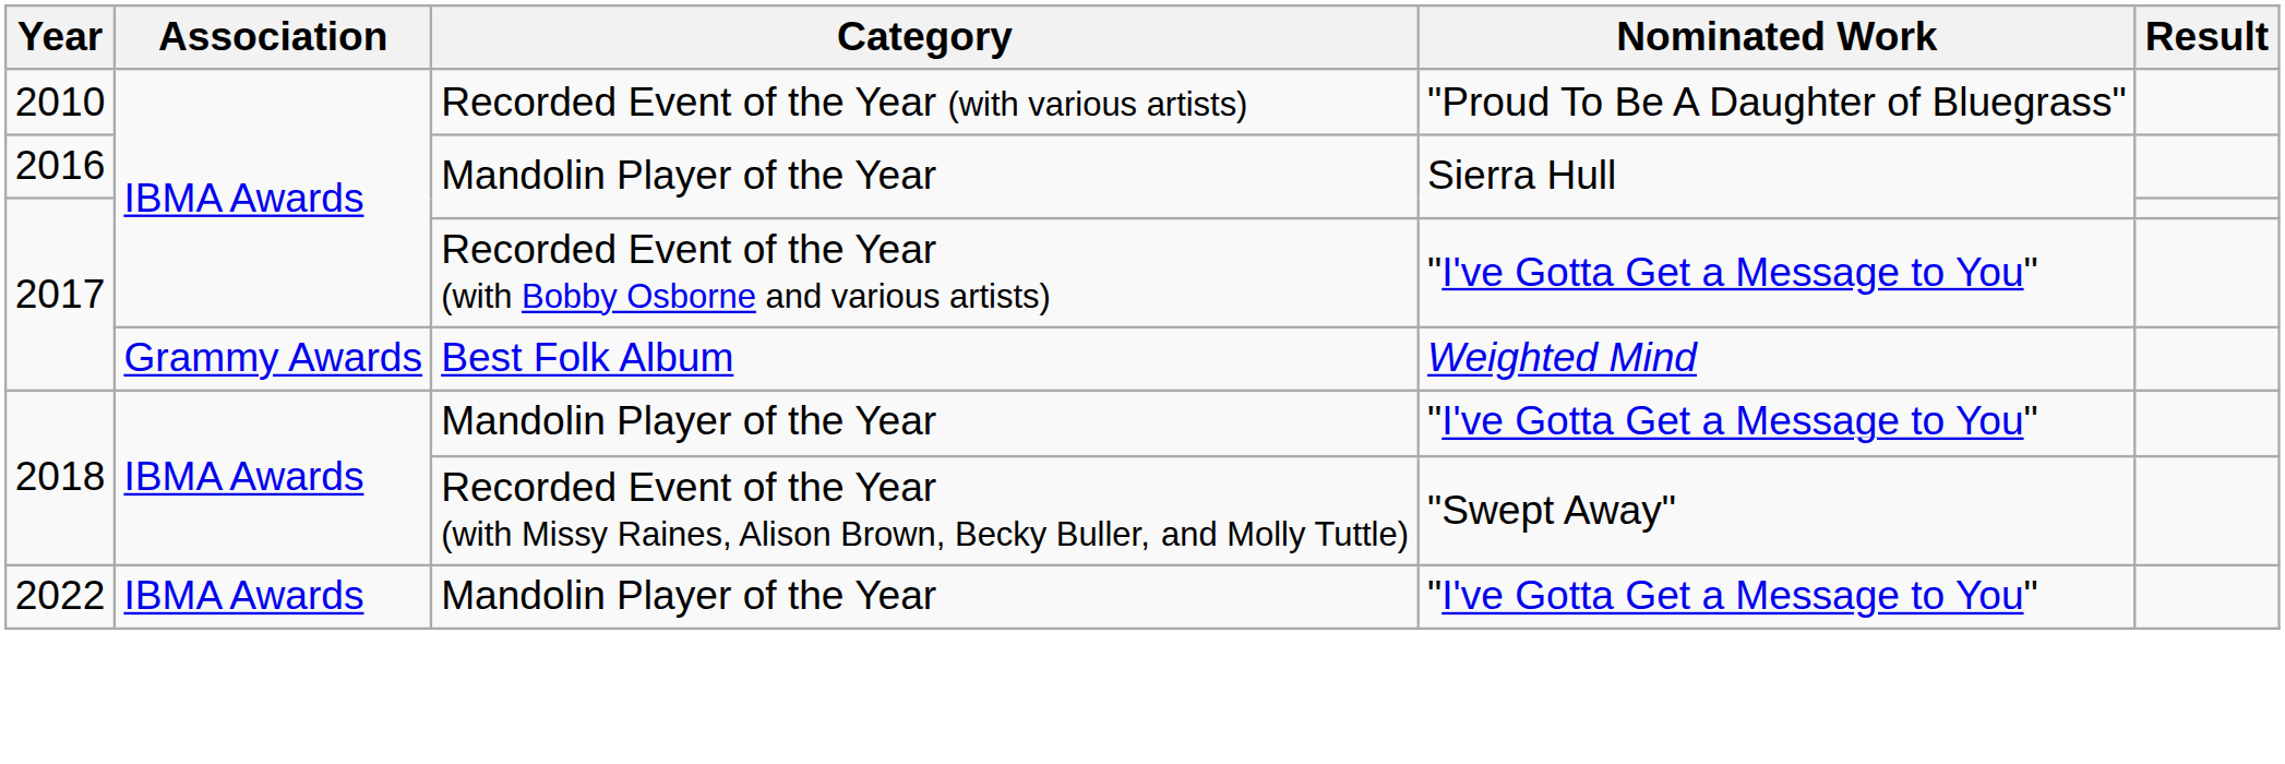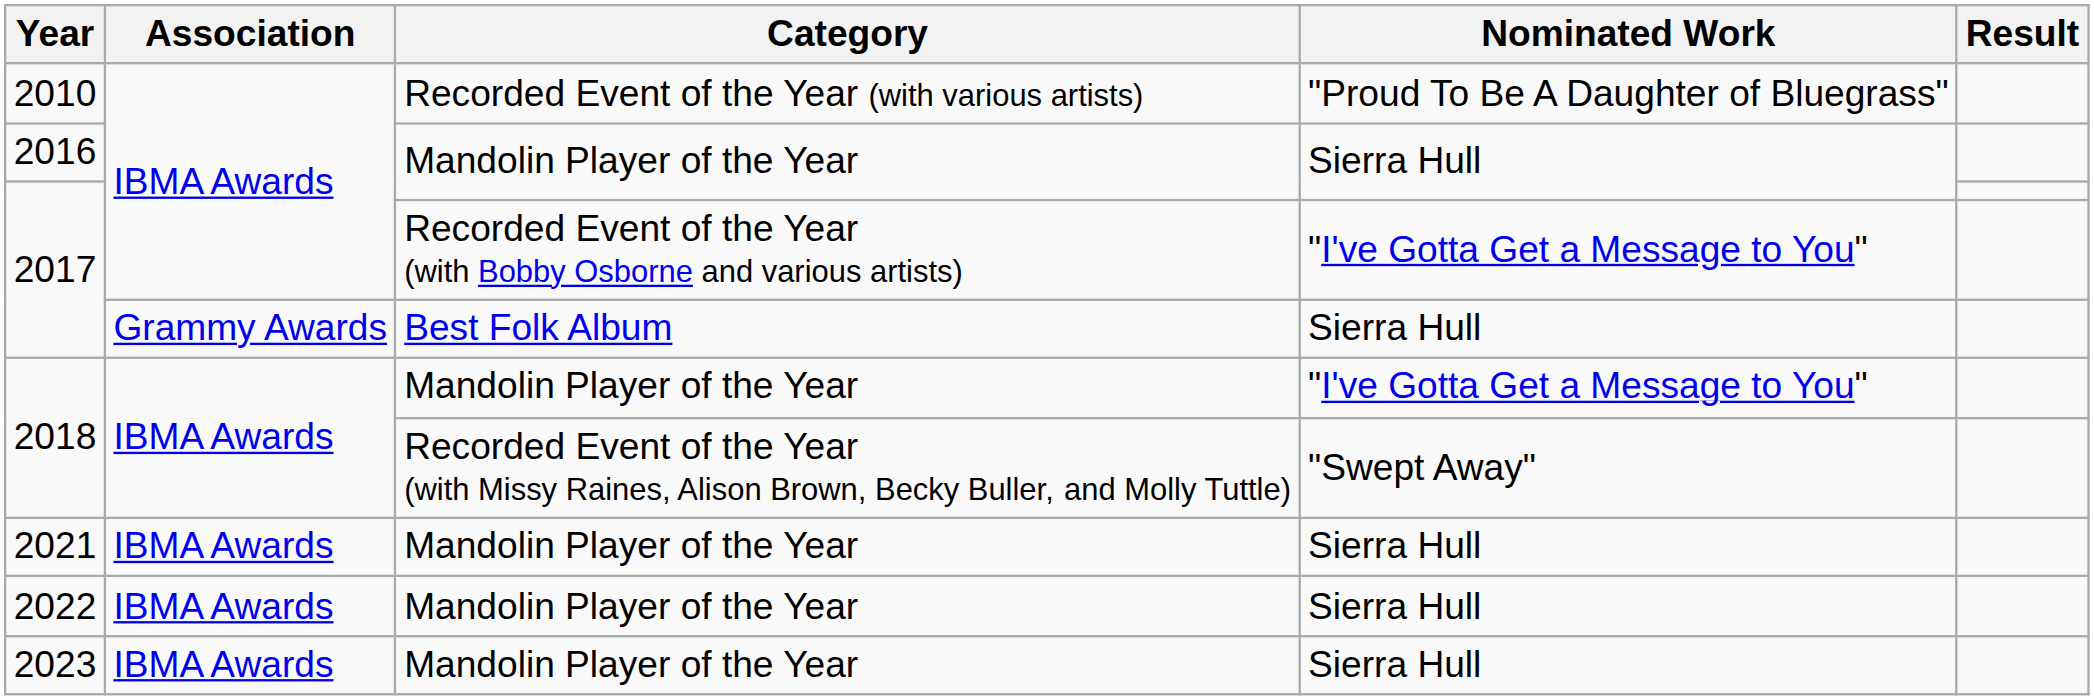 <table class="wikitable">
 <tr>
 <th>Year</th>
 <th>Association</th>
 <th>Category</th>
 <th>Nominated Work</th>
 <th>Result</th>
 </tr>
 <tr>
 <td>2010</td>
 <td rowspan="4"><a href='#'>IBMA Awards</a></td>
 <td>Recorded Event of the Year <small>(with various artists)</small></td>
 <td>"Proud To Be A Daughter of Bluegrass"</td>
 <td></td>
 </tr>
 <tr>
 <td>2016</td>
 <td rowspan="2">Mandolin Player of the Year</td>
 <td rowspan="2">Sierra Hull</td>
 <td></td>
 </tr>
 <tr>
 <td rowspan="3">2017</td>
 <td></td>
 </tr>
 <tr>
 <td>Recorded Event of the Year <br> <small>(with <a href='#'>Bobby Osborne</a> and various artists)</small></td>
 <td>"<a href='#'>I've Gotta Get a Message to You</a>"</td>
 <td></td>
 </tr>
 <tr>
 <td><a href='#'>Grammy Awards</a></td>
 <td><a href='#'>Best Folk Album</a></td>
-<td><em><a href='#'>Weighted Mind</a></em></td>
+<td>Sierra Hull</td>
 <td></td>
 </tr>
 <tr>
 <td rowspan="2">2018</td>
 <td rowspan="2"><a href='#'>IBMA Awards</a></td>
 <td>Mandolin Player of the Year</td>
 <td>"<a href='#'>I've Gotta Get a Message to You</a>"</td>
 <td></td>
 </tr>
 <tr>
 <td>Recorded Event of the Year<br><small>(with Missy Raines, Alison Brown, Becky Buller,</small> <small>and Molly Tuttle)</small></td>
 <td>"Swept Away"</td>
 <td></td>
 </tr>
 <tr>
+<td rowspan="1">2021</td>
+<td rowspan="1"><a href='#'>IBMA Awards</a></td>
+<td>Mandolin Player of the Year</td>
+<td>Sierra Hull</td>
+<td></td>
+</tr>
+<tr>
 <td rowspan="1">2022</td>
 <td rowspan="1"><a href='#'>IBMA Awards</a></td>
 <td>Mandolin Player of the Year</td>
-<td>"<a href='#'>I've Gotta Get a Message to You</a>"</td>
+<td>Sierra Hull</td>
+<td></td>
+</tr>
+<tr>
+<td rowspan="1">2023</td>
+<td rowspan="1"><a href='#'>IBMA Awards</a></td>
+<td>Mandolin Player of the Year</td>
+<td>Sierra Hull</td>
 <td></td>
 </tr>
 </table>
